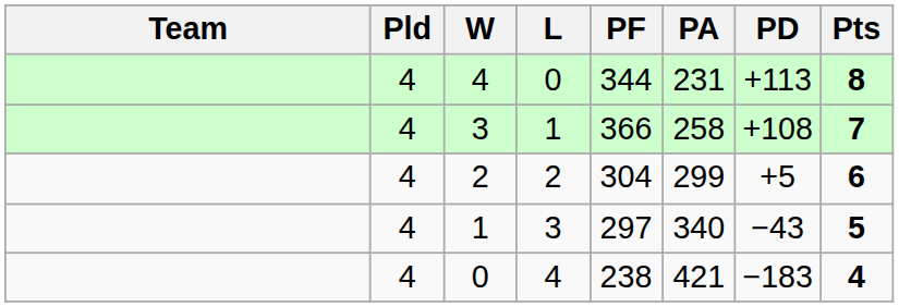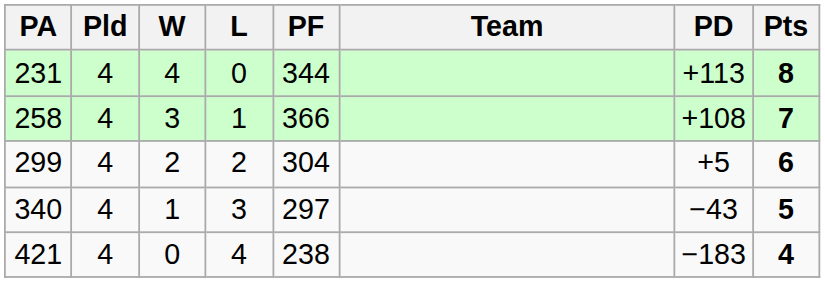 <table class=wikitable style="text-align:center">
 <tr>
-<th width=180>Team</th>
+<th width=30>PA</th>
 <th width=30>Pld</th>
 <th width=30>W</th>
 <th width=30>L</th>
 <th width=30>PF</th>
-<th width=30>PA</th>
+<th width=180>Team</th>
 <th width=30>PD</th>
 <th width=30>Pts</th>
 </tr>
 <tr align=center bgcolor="#ccffcc">
-<td align=left></td>
+<td>231</td>
 <td>4</td>
 <td>4</td>
 <td>0</td>
 <td>344</td>
-<td>231</td>
+<td align=left></td>
 <td>+113</td>
 <td><strong>8</strong></td>
 </tr>
 <tr align=center bgcolor="#ccffcc">
-<td align=left></td>
+<td>258</td>
 <td>4</td>
 <td>3</td>
 <td>1</td>
 <td>366</td>
-<td>258</td>
+<td align=left></td>
 <td>+108</td>
 <td><strong>7</strong></td>
 </tr>
 <tr align=center>
-<td align=left></td>
+<td>299</td>
 <td>4</td>
 <td>2</td>
 <td>2</td>
 <td>304</td>
-<td>299</td>
+<td align=left></td>
 <td>+5</td>
 <td><strong>6</strong></td>
 </tr>
 <tr align=center>
-<td align=left></td>
+<td>340</td>
 <td>4</td>
 <td>1</td>
 <td>3</td>
 <td>297</td>
-<td>340</td>
+<td align=left></td>
 <td>−43</td>
 <td><strong>5</strong></td>
 </tr>
 <tr align=center>
-<td align=left></td>
+<td>421</td>
 <td>4</td>
 <td>0</td>
 <td>4</td>
 <td>238</td>
-<td>421</td>
+<td align=left></td>
 <td>−183</td>
 <td><strong>4</strong></td>
 </tr>
 </table>
